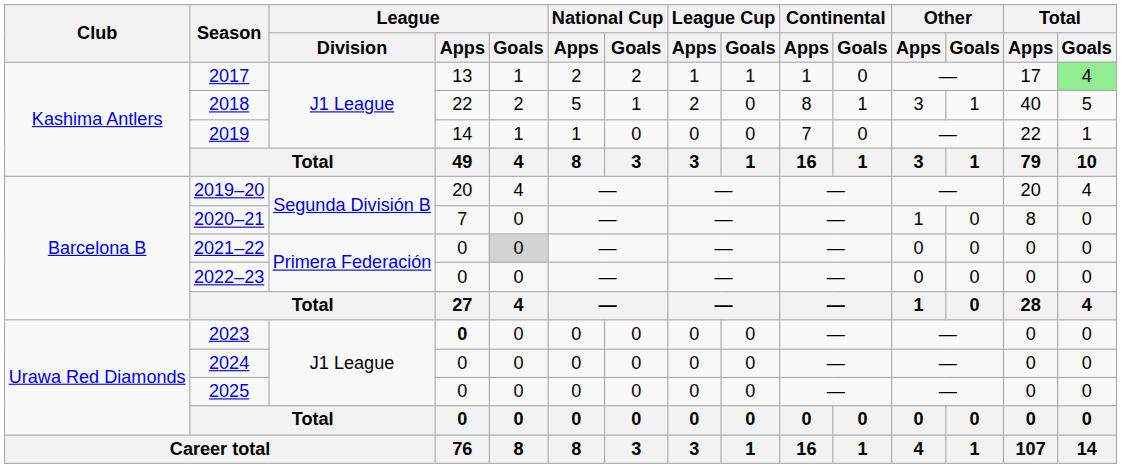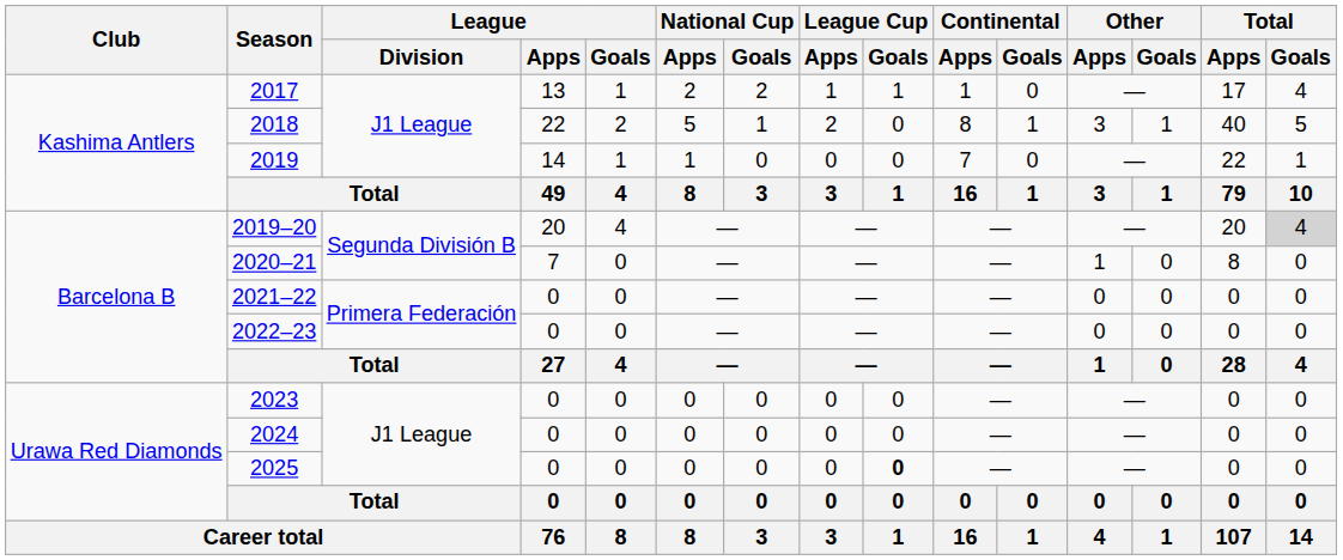 <table class="wikitable" style="text-align: center">
 <tr>
 <th rowspan="2">Club</th>
 <th rowspan="2">Season</th>
 <th colspan="3">League</th>
 <th colspan=2>National Cup</th>
 <th colspan=2>League Cup</th>
 <th colspan="2">Continental</th>
 <th colspan="2">Other</th>
 <th colspan=2>Total</th>
 </tr>
 <tr>
 <th>Division</th>
 <th>Apps</th>
 <th>Goals</th>
 <th>Apps</th>
 <th>Goals</th>
 <th>Apps</th>
 <th>Goals</th>
 <th>Apps</th>
 <th>Goals</th>
 <th>Apps</th>
 <th>Goals</th>
 <th>Apps</th>
 <th>Goals</th>
 </tr>
 <tr>
 <td rowspan="4"><a href='#'>Kashima Antlers</a></td>
 <td><a href='#'>2017</a></td>
 <td rowspan="3"><a href='#'>J1 League</a></td>
 <td>13</td>
 <td>1</td>
 <td>2</td>
 <td>2</td>
 <td>1</td>
 <td>1</td>
 <td>1</td>
 <td>0</td>
 <td colspan="2">—</td>
 <td>17</td>
-<td style="background: lightgreen;">4</td>
+<td>4</td>
 </tr>
 <tr>
 <td><a href='#'>2018</a></td>
 <td>22</td>
 <td>2</td>
 <td>5</td>
 <td>1</td>
 <td>2</td>
 <td>0</td>
 <td>8</td>
 <td>1</td>
 <td>3</td>
 <td>1</td>
 <td>40</td>
 <td>5</td>
 </tr>
 <tr>
 <td><a href='#'>2019</a></td>
 <td>14</td>
 <td>1</td>
 <td>1</td>
 <td>0</td>
 <td>0</td>
 <td>0</td>
 <td>7</td>
 <td>0</td>
 <td colspan="2">—</td>
 <td>22</td>
 <td>1</td>
 </tr>
 <tr>
 <th colspan="2">Total</th>
 <th>49</th>
 <th>4</th>
 <th>8</th>
 <th>3</th>
 <th>3</th>
 <th>1</th>
 <th>16</th>
 <th>1</th>
 <th>3</th>
 <th>1</th>
 <th>79</th>
 <th>10</th>
 </tr>
 <tr>
 <td rowspan="5"><a href='#'>Barcelona B</a></td>
 <td><a href='#'>2019–20</a></td>
 <td rowspan="2"><a href='#'>Segunda División B</a></td>
 <td>20</td>
 <td>4</td>
 <td colspan="2">—</td>
 <td colspan="2">—</td>
 <td colspan=2>—</td>
 <td colspan=2>—</td>
 <td>20</td>
-<td>4</td>
+<td style="background: lightgrey;">4</td>
 </tr>
 <tr>
 <td><a href='#'>2020–21</a></td>
 <td>7</td>
 <td>0</td>
 <td colspan="2">—</td>
 <td colspan="2">—</td>
 <td colspan=2>—</td>
 <td>1</td>
 <td>0</td>
 <td>8</td>
 <td>0</td>
 </tr>
 <tr>
 <td><a href='#'>2021–22</a></td>
 <td rowspan="2"><a href='#'>Primera Federación</a></td>
 <td>0</td>
-<td style="background: lightgrey;">0</td>
+<td>0</td>
 <td colspan="2">—</td>
 <td colspan="2">—</td>
 <td colspan=2>—</td>
 <td>0</td>
 <td>0</td>
 <td>0</td>
 <td>0</td>
 </tr>
 <tr>
 <td><a href='#'>2022–23</a></td>
 <td>0</td>
 <td>0</td>
 <td colspan="2">—</td>
 <td colspan="2">—</td>
 <td colspan=2>—</td>
 <td>0</td>
 <td>0</td>
 <td>0</td>
 <td>0</td>
 </tr>
 <tr>
 <th colspan="2">Total</th>
 <th>27</th>
 <th>4</th>
 <th colspan="2">—</th>
 <th colspan="2">—</th>
 <th colspan="2">—</th>
 <th>1</th>
 <th>0</th>
 <th>28</th>
 <th>4</th>
 </tr>
 <tr>
 <td rowspan="4"><a href='#'>Urawa Red Diamonds</a></td>
 <td><a href='#'>2023</a></td>
 <td rowspan="3">J1 League</td>
-<td><strong>0</strong></td>
+<td>0</td>
 <td>0</td>
 <td>0</td>
 <td>0</td>
 <td>0</td>
 <td>0</td>
 <td colspan="2">—</td>
 <td colspan="2">—</td>
 <td>0</td>
 <td>0</td>
 </tr>
 <tr>
 <td><a href='#'>2024</a></td>
 <td>0</td>
 <td>0</td>
 <td>0</td>
 <td>0</td>
 <td>0</td>
 <td>0</td>
 <td colspan="2">—</td>
 <td colspan="2">—</td>
 <td>0</td>
 <td>0</td>
 </tr>
 <tr>
 <td><a href='#'>2025</a></td>
 <td>0</td>
 <td>0</td>
 <td>0</td>
 <td>0</td>
 <td>0</td>
-<td>0</td>
+<td><strong>0</strong></td>
 <td colspan="2">—</td>
 <td colspan="2">—</td>
 <td>0</td>
 <td>0</td>
 </tr>
 <tr>
 <th colspan="2">Total</th>
 <th>0</th>
 <th>0</th>
 <th>0</th>
 <th>0</th>
 <th>0</th>
 <th>0</th>
 <th>0</th>
 <th>0</th>
 <th>0</th>
 <th>0</th>
 <th>0</th>
 <th>0</th>
 </tr>
 <tr>
 <th colspan="3">Career total</th>
 <th>76</th>
 <th>8</th>
 <th>8</th>
 <th>3</th>
 <th>3</th>
 <th>1</th>
 <th>16</th>
 <th>1</th>
 <th>4</th>
 <th>1</th>
 <th>107</th>
 <th>14</th>
 </tr>
 </table>
